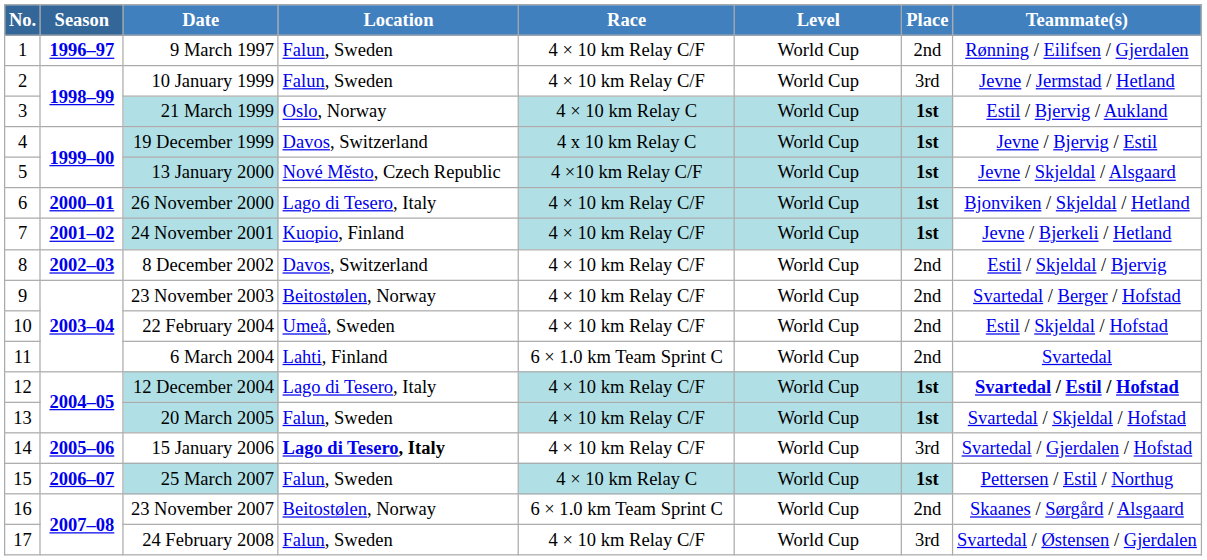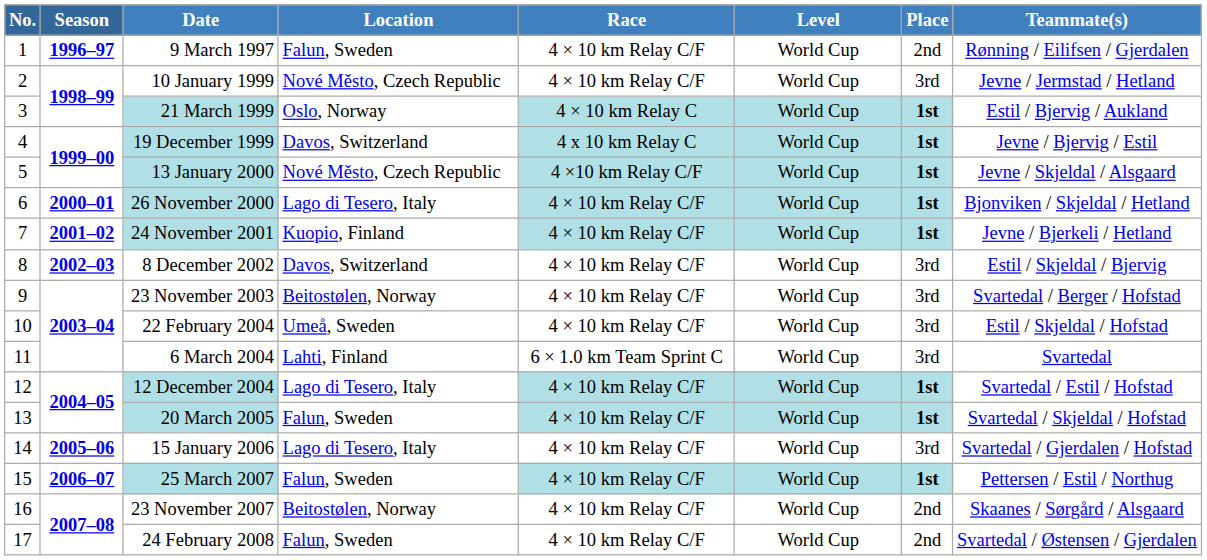 <table class="wikitable sortable" style="font-size:95%; text-align:center; border:grey solid 1px; border-collapse:collapse; background:#ffffff;">
 <tr style="background:#efefef;">
 <th style="background-color:#369; color:white;">No.</th>
 <th style="background-color:#369; color:white;">Season</th>
 <th style="background-color:#4180be; color:white; width:120px;">Date</th>
 <th style="background-color:#4180be; color:white; width:190px;">Location</th>
 <th style="background-color:#4180be; color:white; width:170px;">Race</th>
 <th style="background-color:#4180be; color:white; width:130px;">Level</th>
 <th style="background-color:#4180be; color:white;">Place</th>
 <th style="background-color:#4180be; color:white;">Teammate(s)</th>
 </tr>
 <tr>
 <td align=center>1</td>
 <td rowspan=1 align=center><strong> <a href='#'>1996–97</a> </strong></td>
 <td align=right>9 March 1997</td>
 <td align=left> <a href='#'>Falun</a>, Sweden</td>
 <td>4 × 10 km Relay C/F</td>
 <td>World Cup</td>
 <td>2nd</td>
 <td><a href='#'>Rønning</a> / <a href='#'>Eilifsen</a> / <a href='#'>Gjerdalen</a></td>
 </tr>
 <tr>
 <td align=center>2</td>
 <td rowspan=2 align=center><strong> <a href='#'>1998–99</a> </strong></td>
 <td align=right>10 January 1999</td>
-<td align=left> <a href='#'>Falun</a>, Sweden</td>
+<td align=left> <a href='#'>Nové Město</a>, Czech Republic</td>
 <td>4 × 10 km Relay C/F</td>
 <td>World Cup</td>
 <td>3rd</td>
 <td><a href='#'>Jevne</a> / <a href='#'>Jermstad</a> / <a href='#'>Hetland</a></td>
 </tr>
 <tr>
 <td align=center>3</td>
 <td bgcolor="#BOEOE6" align=right>21 March 1999</td>
 <td align=left> <a href='#'>Oslo</a>, Norway</td>
 <td bgcolor="#BOEOE6">4 × 10 km Relay C</td>
 <td bgcolor="#BOEOE6">World Cup</td>
 <td bgcolor="#BOEOE6"><strong>1st</strong></td>
 <td><a href='#'>Estil</a> / <a href='#'>Bjervig</a> / <a href='#'>Aukland</a></td>
 </tr>
 <tr>
 <td align=center>4</td>
 <td rowspan=2 align=center><strong><a href='#'>1999–00</a></strong></td>
 <td bgcolor="#BOEOE6" align=right>19 December 1999</td>
 <td align=left> <a href='#'>Davos</a>, Switzerland</td>
 <td bgcolor="#BOEOE6">4 x 10 km Relay C</td>
 <td bgcolor="#BOEOE6">World Cup</td>
 <td bgcolor="#BOEOE6"><strong>1st</strong></td>
 <td><a href='#'>Jevne</a> / <a href='#'>Bjervig</a> / <a href='#'>Estil</a></td>
 </tr>
 <tr>
 <td align=center>5</td>
 <td bgcolor="#BOEOE6" align=right>13 January 2000</td>
 <td align=left> <a href='#'>Nové Město</a>, Czech Republic</td>
 <td bgcolor="#BOEOE6">4 ×10 km Relay C/F</td>
 <td bgcolor="#BOEOE6">World Cup</td>
 <td bgcolor="#BOEOE6"><strong>1st</strong></td>
 <td><a href='#'>Jevne</a> / <a href='#'>Skjeldal</a> / <a href='#'>Alsgaard</a></td>
 </tr>
 <tr>
 <td align=center>6</td>
 <td rowspan=1 align=center><strong><a href='#'>2000–01</a></strong></td>
 <td bgcolor="#BOEOE6" align=right>26 November 2000</td>
 <td align=left> <a href='#'>Lago di Tesero</a>, Italy</td>
 <td bgcolor="#BOEOE6">4 × 10 km Relay C/F</td>
 <td bgcolor="#BOEOE6">World Cup</td>
 <td bgcolor="#BOEOE6"><strong>1st</strong></td>
 <td><a href='#'>Bjonviken</a> / <a href='#'>Skjeldal</a> / <a href='#'>Hetland</a></td>
 </tr>
 <tr>
 <td align=center>7</td>
 <td rowspan=1 align=center><strong><a href='#'>2001–02</a></strong></td>
 <td bgcolor="#BOEOE6" align=right>24 November 2001</td>
 <td align=left> <a href='#'>Kuopio</a>, Finland</td>
 <td bgcolor="#BOEOE6">4 × 10 km Relay C/F</td>
 <td bgcolor="#BOEOE6">World Cup</td>
 <td bgcolor="#BOEOE6"><strong>1st</strong></td>
 <td><a href='#'>Jevne</a> / <a href='#'>Bjerkeli</a> / <a href='#'>Hetland</a></td>
 </tr>
 <tr>
 <td align=center>8</td>
 <td rowspan=1 align=center><strong> <a href='#'>2002–03</a> </strong></td>
 <td align=right>8 December 2002</td>
 <td align=left> <a href='#'>Davos</a>, Switzerland</td>
 <td>4 × 10 km Relay C/F</td>
 <td>World Cup</td>
-<td>2nd</td>
+<td>3rd</td>
 <td><a href='#'>Estil</a> / <a href='#'>Skjeldal</a> / <a href='#'>Bjervig</a></td>
 </tr>
 <tr>
 <td align=center>9</td>
 <td rowspan=3 align=center><strong> <a href='#'>2003–04</a> </strong></td>
 <td align=right>23 November 2003</td>
 <td align=left> <a href='#'>Beitostølen</a>, Norway</td>
 <td>4 × 10 km Relay C/F</td>
 <td>World Cup</td>
-<td>2nd</td>
+<td>3rd</td>
 <td><a href='#'>Svartedal</a> / <a href='#'>Berger</a> / <a href='#'>Hofstad</a></td>
 </tr>
 <tr>
 <td align=center>10</td>
 <td align=right>22 February 2004</td>
 <td align=left> <a href='#'>Umeå</a>, Sweden</td>
 <td>4 × 10 km Relay C/F</td>
 <td>World Cup</td>
-<td>2nd</td>
+<td>3rd</td>
 <td><a href='#'>Estil</a> / <a href='#'>Skjeldal</a> / <a href='#'>Hofstad</a></td>
 </tr>
 <tr>
 <td align=center>11</td>
 <td align=right>6 March 2004</td>
 <td align=left> <a href='#'>Lahti</a>, Finland</td>
 <td>6 × 1.0 km Team Sprint C</td>
 <td>World Cup</td>
-<td>2nd</td>
+<td>3rd</td>
 <td><a href='#'>Svartedal</a></td>
 </tr>
 <tr>
 <td align=center>12</td>
 <td rowspan=2 align=center><strong><a href='#'>2004–05</a></strong></td>
 <td bgcolor="#BOEOE6" align=right>12 December 2004</td>
 <td align=left> <a href='#'>Lago di Tesero</a>, Italy</td>
 <td bgcolor="#BOEOE6">4 × 10 km Relay C/F</td>
 <td bgcolor="#BOEOE6">World Cup</td>
 <td bgcolor="#BOEOE6"><strong>1st</strong></td>
-<td><strong><a href='#'>Svartedal</a> / <a href='#'>Estil</a> / <a href='#'>Hofstad</a></strong></td>
+<td><a href='#'>Svartedal</a> / <a href='#'>Estil</a> / <a href='#'>Hofstad</a></td>
 </tr>
 <tr>
 <td align=center>13</td>
 <td bgcolor="#BOEOE6" align=right>20 March 2005</td>
 <td align=left> <a href='#'>Falun</a>, Sweden</td>
 <td bgcolor="#BOEOE6">4 × 10 km Relay C/F</td>
 <td bgcolor="#BOEOE6">World Cup</td>
 <td bgcolor="#BOEOE6"><strong>1st</strong></td>
 <td><a href='#'>Svartedal</a> / <a href='#'>Skjeldal</a> / <a href='#'>Hofstad</a></td>
 </tr>
 <tr>
 <td align=center>14</td>
 <td rowspan=1 align=center><strong> <a href='#'>2005–06</a> </strong></td>
 <td align=right>15 January 2006</td>
-<td align=left><strong> <a href='#'>Lago di Tesero</a>, Italy</strong></td>
+<td align=left> <a href='#'>Lago di Tesero</a>, Italy</td>
 <td>4 × 10 km Relay C/F</td>
 <td>World Cup</td>
 <td>3rd</td>
 <td><a href='#'>Svartedal</a> / <a href='#'>Gjerdalen</a> / <a href='#'>Hofstad</a></td>
 </tr>
 <tr>
 <td align=center>15</td>
 <td rowspan=1 align=center><strong><a href='#'>2006–07</a></strong></td>
 <td bgcolor="#BOEOE6" align=right>25 March 2007</td>
 <td align=left> <a href='#'>Falun</a>, Sweden</td>
-<td bgcolor="#BOEOE6">4 × 10 km Relay C</td>
+<td bgcolor="#BOEOE6">4 × 10 km Relay C/F</td>
 <td bgcolor="#BOEOE6">World Cup</td>
 <td bgcolor="#BOEOE6"><strong>1st</strong></td>
 <td><a href='#'>Pettersen</a> / <a href='#'>Estil</a> / <a href='#'>Northug</a></td>
 </tr>
 <tr>
 <td align=center>16</td>
 <td rowspan=2 align=center><strong> <a href='#'>2007–08</a> </strong></td>
 <td align=right>23 November 2007</td>
 <td align=left> <a href='#'>Beitostølen</a>, Norway</td>
-<td>6 × 1.0 km Team Sprint C</td>
+<td>4 × 10 km Relay C/F</td>
 <td>World Cup</td>
 <td>2nd</td>
 <td><a href='#'>Skaanes</a> / <a href='#'>Sørgård</a> / <a href='#'>Alsgaard</a></td>
 </tr>
 <tr>
 <td align=center>17</td>
 <td align=right>24 February 2008</td>
 <td align=left> <a href='#'>Falun</a>, Sweden</td>
 <td>4 × 10 km Relay C/F</td>
 <td>World Cup</td>
-<td>3rd</td>
+<td>2nd</td>
 <td><a href='#'>Svartedal</a> / <a href='#'>Østensen</a> / <a href='#'>Gjerdalen</a></td>
 </tr>
 </table>
